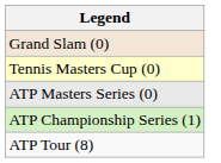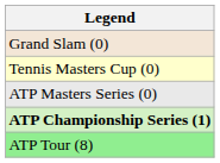 <table class="wikitable sortable mw-collapsible mw-collapsed">
 <tr>
 <th>Legend</th>
 </tr>
 <tr style="background:#f3e6d7;">
 <td>Grand Slam (0)</td>
 </tr>
 <tr style="background:#ffc;">
 <td>Tennis Masters Cup (0)</td>
 </tr>
 <tr style="background:#e9e9e9;">
 <td>ATP Masters Series (0)</td>
 </tr>
 <tr style="background:#d4f1c5;">
-<td>ATP Championship Series (1)</td>
+<td><strong>ATP Championship Series (1)</strong></td>
 </tr>
 <tr>
-<td>ATP Tour (8)</td>
+<td style="background: lightgreen;">ATP Tour (8)</td>
 </tr>
 </table>
